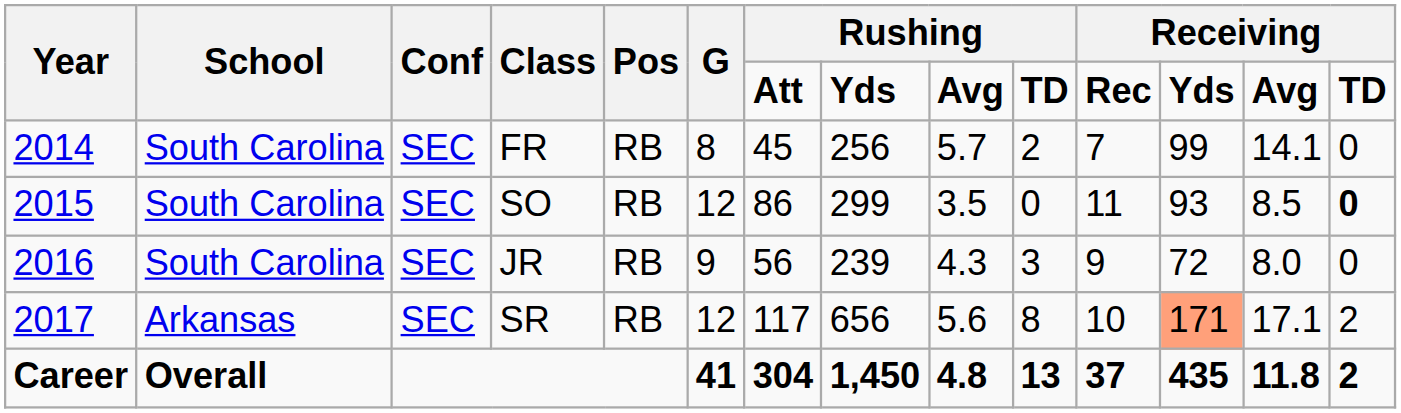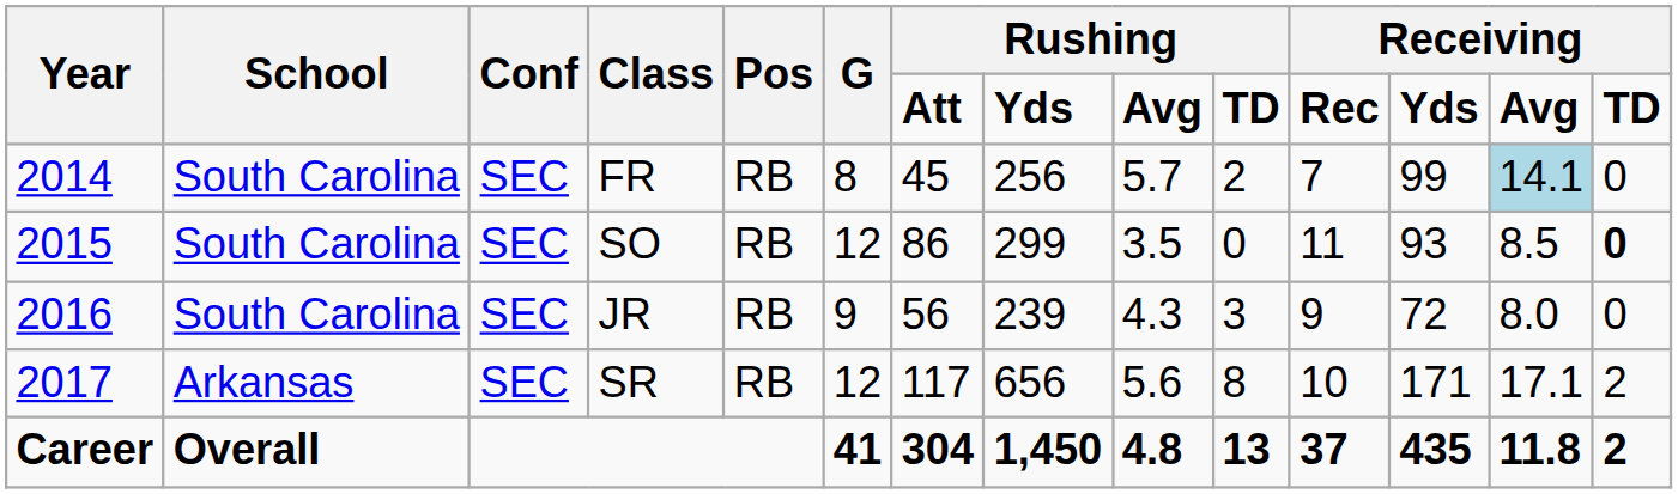 <table class="wikitable">
 <tr>
 <th rowspan="2">Year</th>
 <th rowspan="2">School</th>
 <th rowspan="2">Conf</th>
 <th rowspan="2">Class</th>
 <th rowspan="2">Pos</th>
 <th rowspan="2">G</th>
 <th colspan="4" style="text-align: center; font-weight:bold;">Rushing</th>
 <th colspan="4" style="text-align: center; font-weight:bold;">Receiving</th>
 </tr>
 <tr>
 <td style="font-weight:bold;">Att</td>
 <td style="font-weight:bold;">Yds</td>
 <td style="font-weight:bold;">Avg</td>
 <td style="font-weight:bold;">TD</td>
 <td style="font-weight:bold;">Rec</td>
 <td style="font-weight:bold;">Yds</td>
 <td style="font-weight:bold;">Avg</td>
 <td style="font-weight:bold;">TD</td>
 </tr>
 <tr>
 <td><a href='#'>2014</a></td>
 <td><a href='#'>South Carolina</a></td>
 <td><a href='#'>SEC</a></td>
 <td>FR</td>
 <td>RB</td>
 <td>8</td>
 <td>45</td>
 <td>256</td>
 <td>5.7</td>
 <td>2</td>
 <td>7</td>
 <td>99</td>
-<td>14.1</td>
+<td style="background: lightblue;">14.1</td>
 <td>0</td>
 </tr>
 <tr>
 <td><a href='#'>2015</a></td>
 <td><a href='#'>South Carolina</a></td>
 <td><a href='#'>SEC</a></td>
 <td>SO</td>
 <td>RB</td>
 <td>12</td>
 <td>86</td>
 <td>299</td>
 <td>3.5</td>
 <td>0</td>
 <td>11</td>
 <td>93</td>
 <td>8.5</td>
 <td><strong>0</strong></td>
 </tr>
 <tr>
 <td><a href='#'>2016</a></td>
 <td><a href='#'>South Carolina</a></td>
 <td><a href='#'>SEC</a></td>
 <td>JR</td>
 <td>RB</td>
 <td>9</td>
 <td>56</td>
 <td>239</td>
 <td>4.3</td>
 <td>3</td>
 <td>9</td>
 <td>72</td>
 <td>8.0</td>
 <td>0</td>
 </tr>
 <tr>
 <td><a href='#'>2017</a></td>
 <td><a href='#'>Arkansas</a></td>
 <td><a href='#'>SEC</a></td>
 <td>SR</td>
 <td>RB</td>
 <td>12</td>
 <td>117</td>
 <td>656</td>
 <td>5.6</td>
 <td>8</td>
 <td>10</td>
-<td style="background: lightsalmon;">171</td>
+<td>171</td>
 <td>17.1</td>
 <td>2</td>
 </tr>
 <tr>
 <td style="font-weight:bold;">Career</td>
 <td style="font-weight:bold;">Overall</td>
 <td colspan="3" style="font-weight:bold;"></td>
 <td style="font-weight:bold;">41</td>
 <td style="font-weight:bold;">304</td>
 <td style="font-weight:bold;">1,450</td>
 <td style="font-weight:bold;">4.8</td>
 <td style="font-weight:bold;">13</td>
 <td style="font-weight:bold;">37</td>
 <td style="font-weight:bold;">435</td>
 <td style="font-weight:bold;">11.8</td>
 <td style="font-weight:bold;">2</td>
 </tr>
 </table>
